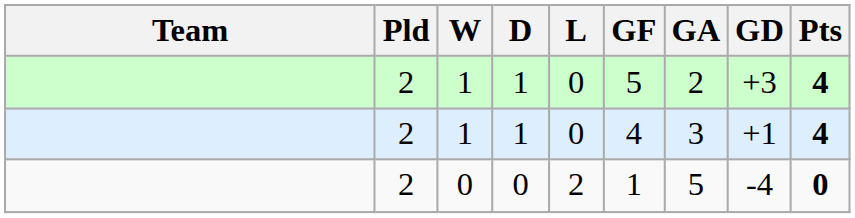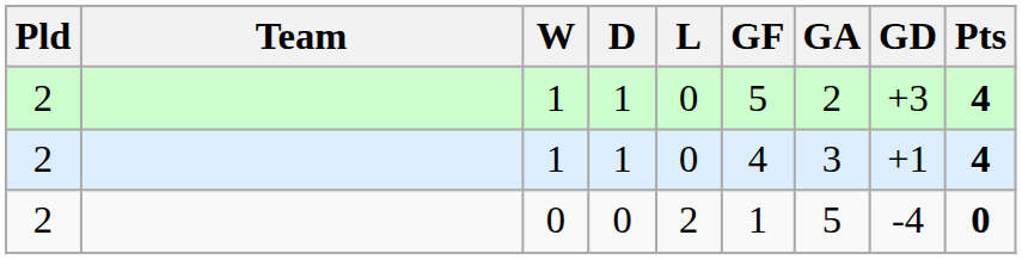 <table class="wikitable" style="text-align:center;">
 <tr>
+<th width=20 abbr="Played">Pld</th>
 <th width=175>Team</th>
-<th width=20 abbr="Played">Pld</th>
 <th width=20 abbr="Won">W</th>
 <th width=20 abbr="Drawn">D</th>
 <th width=20 abbr="Lost">L</th>
 <th width=20 abbr="Goals for">GF</th>
 <th width=20 abbr="Goals against">GA</th>
 <th width=20 abbr="Goal difference">GD</th>
 <th width=20 abbr="Points">Pts</th>
 </tr>
 <tr bgcolor=#ccffcc>
+<td>2</td>
 <td align=left></td>
-<td>2</td>
 <td>1</td>
 <td>1</td>
 <td>0</td>
 <td>5</td>
 <td>2</td>
 <td>+3</td>
 <td><strong>4</strong></td>
 </tr>
 <tr bgcolor=#ddeeff>
+<td>2</td>
 <td align=left></td>
-<td>2</td>
 <td>1</td>
 <td>1</td>
 <td>0</td>
 <td>4</td>
 <td>3</td>
 <td>+1</td>
 <td><strong>4</strong></td>
 </tr>
 <tr>
+<td>2</td>
 <td align=left></td>
-<td>2</td>
 <td>0</td>
 <td>0</td>
 <td>2</td>
 <td>1</td>
 <td>5</td>
 <td>-4</td>
 <td><strong>0</strong></td>
 </tr>
 </table>
